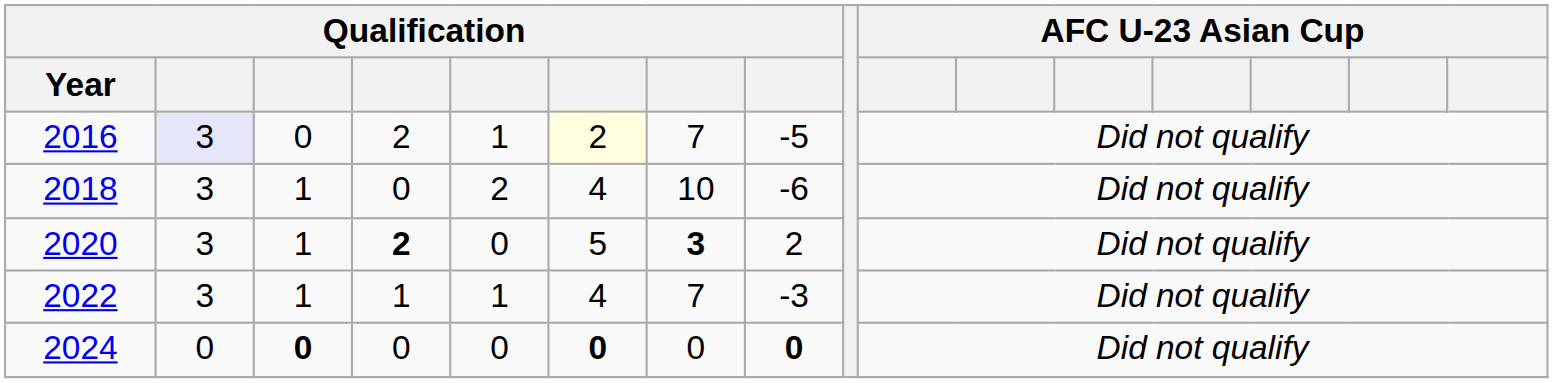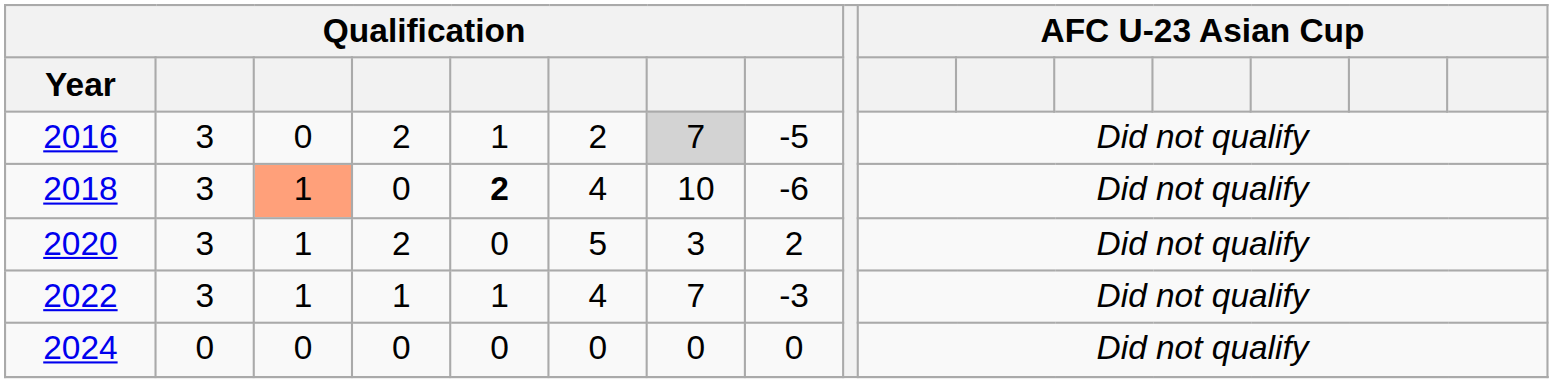 <table class="wikitable" style="text-align: center;">
 <tr>
 <th colspan=8>Qualification</th>
 <th style="width:1%;" rowspan="22"></th>
 <th colspan=7>AFC U-23 Asian Cup</th>
 </tr>
 <tr>
 <th width=50>Year</th>
 <th width=30></th>
 <th width=30></th>
 <th width=30></th>
 <th width=30></th>
 <th width=30></th>
 <th width=30></th>
 <th width=30></th>
 <th width=30></th>
 <th width=30></th>
 <th width=30></th>
 <th width=30></th>
 <th width=30></th>
 <th width=30></th>
 <th width=30></th>
 </tr>
 <tr>
 <td> <a href='#'>2016</a></td>
-<td style="background: lavender;">3</td>
+<td>3</td>
 <td>0</td>
 <td>2</td>
 <td>1</td>
-<td style="background: lightyellow;">2</td>
-<td>7</td>
+<td>2</td>
+<td style="background: lightgrey;">7</td>
 <td>-5</td>
 <td colspan=8><em>Did not qualify</em></td>
 </tr>
 <tr>
 <td> <a href='#'>2018</a></td>
 <td>3</td>
-<td>1</td>
+<td style="background: lightsalmon;">1</td>
 <td>0</td>
-<td>2</td>
+<td><strong>2</strong></td>
 <td>4</td>
 <td>10</td>
 <td>-6</td>
 <td colspan=8><em>Did not qualify</em></td>
 </tr>
 <tr>
 <td> <a href='#'>2020</a></td>
 <td>3</td>
 <td>1</td>
-<td><strong>2</strong></td>
+<td>2</td>
 <td>0</td>
 <td>5</td>
-<td><strong>3</strong></td>
+<td>3</td>
 <td>2</td>
 <td colspan=8><em>Did not qualify</em></td>
 </tr>
 <tr>
 <td> <a href='#'>2022</a></td>
 <td>3</td>
 <td>1</td>
 <td>1</td>
 <td>1</td>
 <td>4</td>
 <td>7</td>
 <td>-3</td>
 <td colspan=8><em>Did not qualify</em></td>
 </tr>
 <tr>
 <td> <a href='#'>2024</a></td>
 <td>0</td>
-<td><strong>0</strong></td>
 <td>0</td>
 <td>0</td>
-<td><strong>0</strong></td>
 <td>0</td>
-<td><strong>0</strong></td>
+<td>0</td>
+<td>0</td>
+<td>0</td>
 <td colspan=8><em>Did not qualify</em></td>
 </tr>
 <tr>
 </tr>
 </table>
